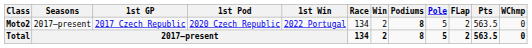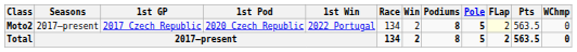 <table class="wikitable" style="text-align:right;">
 <tr>
 <th>Class</th>
 <th>Seasons</th>
 <th>1st GP</th>
 <th>1st Pod</th>
 <th>1st Win</th>
 <th>Race</th>
 <th>Win</th>
 <th>Podiums</th>
 <th><a href='#'>Pole</a></th>
 <th>FLap</th>
 <th>Pts</th>
 <th>WChmp</th>
 </tr>
 <tr>
 <th>Moto2</th>
 <td>2017–present</td>
 <td style="text-align:left;"><a href='#'>2017 Czech Republic</a></td>
 <td style="text-align:left;"><a href='#'>2020 Czech Republic</a></td>
 <td style="text-align:left;"><a href='#'>2022 Portugal</a></td>
 <td>134</td>
 <td>2</td>
 <td><strong>8</strong></td>
-<td>5</td>
-<td>2</td>
+<td><strong>5</strong></td>
+<td style="background: lightyellow;">2</td>
 <td>563.5</td>
 <td>0</td>
 </tr>
 <tr>
 <th>Total</th>
 <th colspan="4">2017–present</th>
 <td><strong>134</strong></td>
 <td><strong>2</strong></td>
 <td><strong>8</strong></td>
 <td><strong>5</strong></td>
 <td><strong>2</strong></td>
 <td><strong>563.5</strong></td>
 <td><strong>0</strong></td>
 </tr>
 </table>
